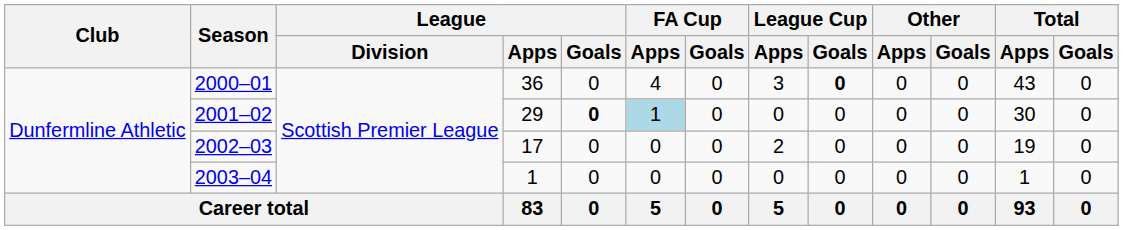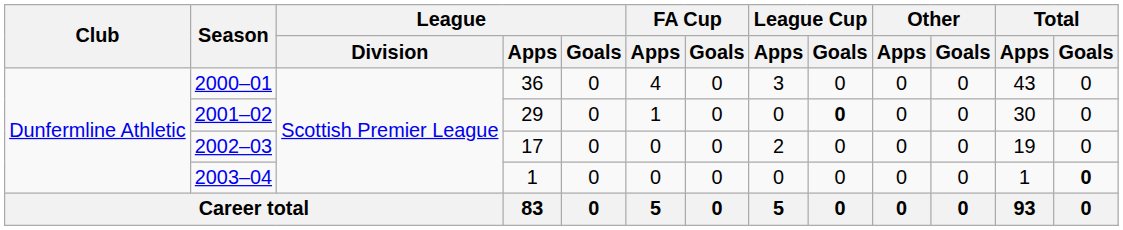 <table class="wikitable" style="text-align:center">
 <tr>
 <th rowspan="2">Club</th>
 <th rowspan="2">Season</th>
 <th colspan="3">League</th>
 <th colspan="2">FA Cup</th>
 <th colspan="2">League Cup</th>
 <th colspan="2">Other</th>
 <th colspan="2">Total</th>
 </tr>
 <tr>
 <th>Division</th>
 <th>Apps</th>
 <th>Goals</th>
 <th>Apps</th>
 <th>Goals</th>
 <th>Apps</th>
 <th>Goals</th>
 <th>Apps</th>
 <th>Goals</th>
 <th>Apps</th>
 <th>Goals</th>
 </tr>
 <tr>
 <td rowspan="4"><a href='#'>Dunfermline Athletic</a></td>
 <td><a href='#'>2000–01</a></td>
 <td rowspan="4"><a href='#'>Scottish Premier League</a></td>
 <td>36</td>
 <td>0</td>
 <td>4</td>
 <td>0</td>
 <td>3</td>
-<td><strong>0</strong></td>
+<td>0</td>
 <td>0</td>
 <td>0</td>
 <td>43</td>
 <td>0</td>
 </tr>
 <tr>
 <td><a href='#'>2001–02</a></td>
 <td>29</td>
-<td><strong>0</strong></td>
-<td style="background: lightblue;">1</td>
+<td>0</td>
+<td>1</td>
 <td>0</td>
 <td>0</td>
-<td>0</td>
+<td><strong>0</strong></td>
 <td>0</td>
 <td>0</td>
 <td>30</td>
 <td>0</td>
 </tr>
 <tr>
 <td><a href='#'>2002–03</a></td>
 <td>17</td>
 <td>0</td>
 <td>0</td>
 <td>0</td>
 <td>2</td>
 <td>0</td>
 <td>0</td>
 <td>0</td>
 <td>19</td>
 <td>0</td>
 </tr>
 <tr>
 <td><a href='#'>2003–04</a></td>
 <td>1</td>
 <td>0</td>
 <td>0</td>
 <td>0</td>
 <td>0</td>
 <td>0</td>
 <td>0</td>
 <td>0</td>
 <td>1</td>
-<td>0</td>
+<td><strong>0</strong></td>
 </tr>
 <tr>
 <th colspan="3">Career total</th>
 <th>83</th>
 <th>0</th>
 <th>5</th>
 <th>0</th>
 <th>5</th>
 <th>0</th>
 <th>0</th>
 <th>0</th>
 <th>93</th>
 <th>0</th>
 </tr>
 </table>
